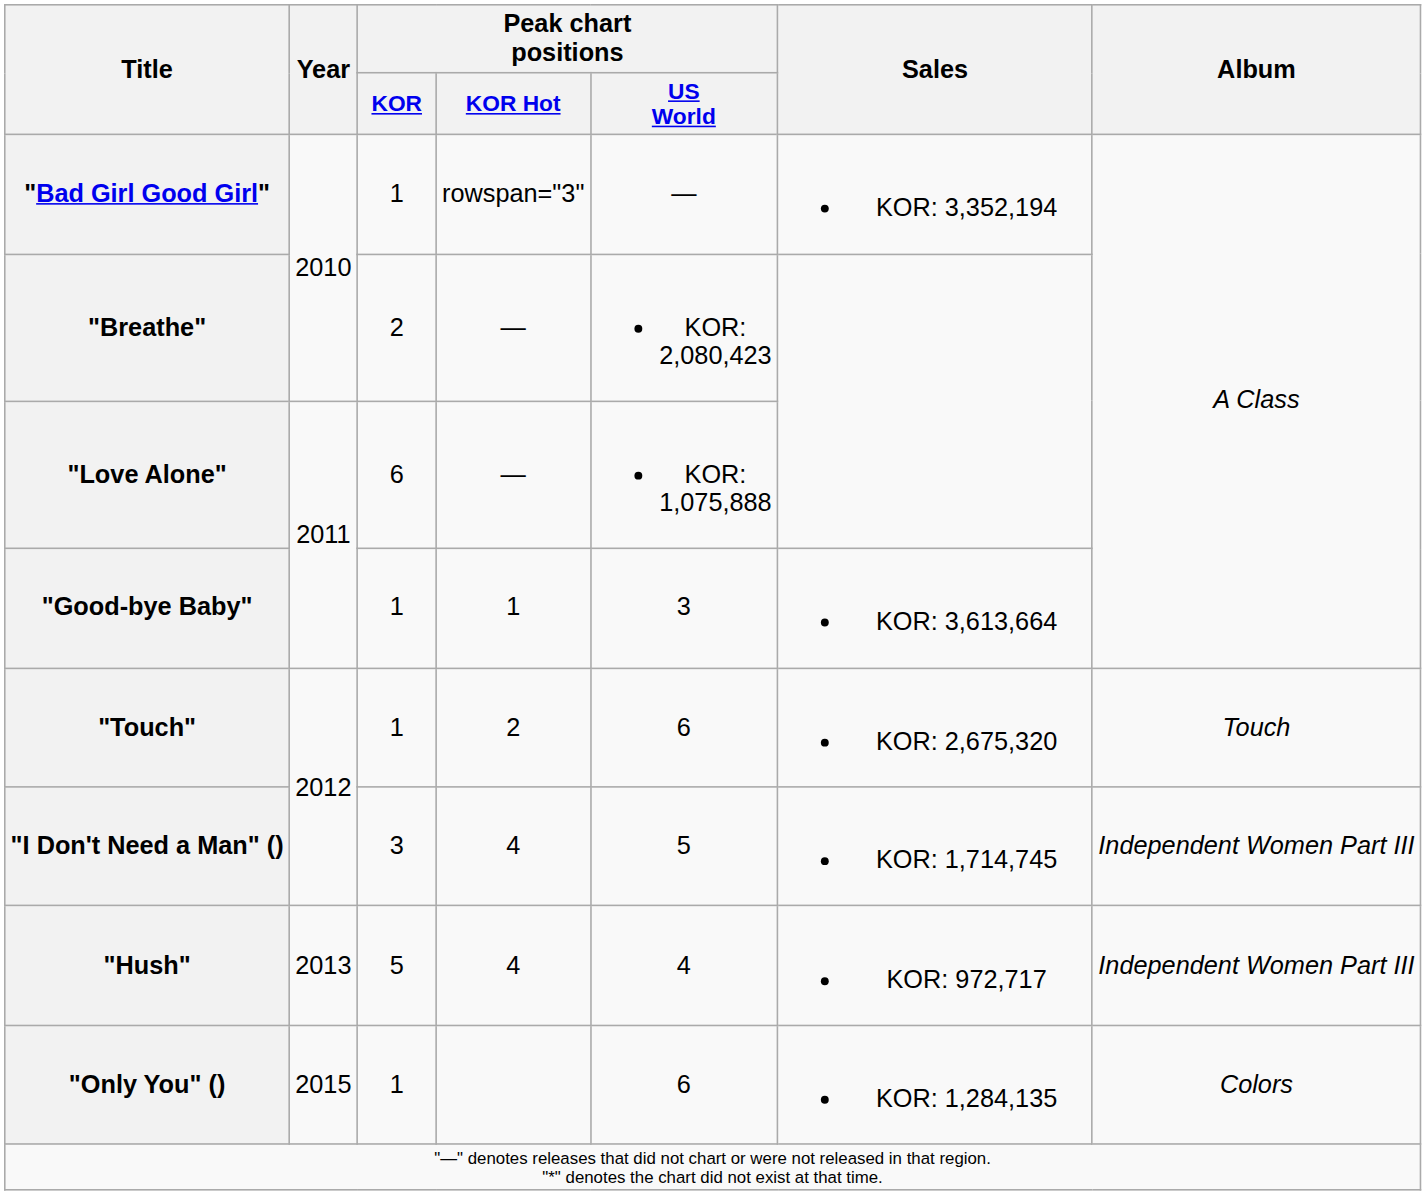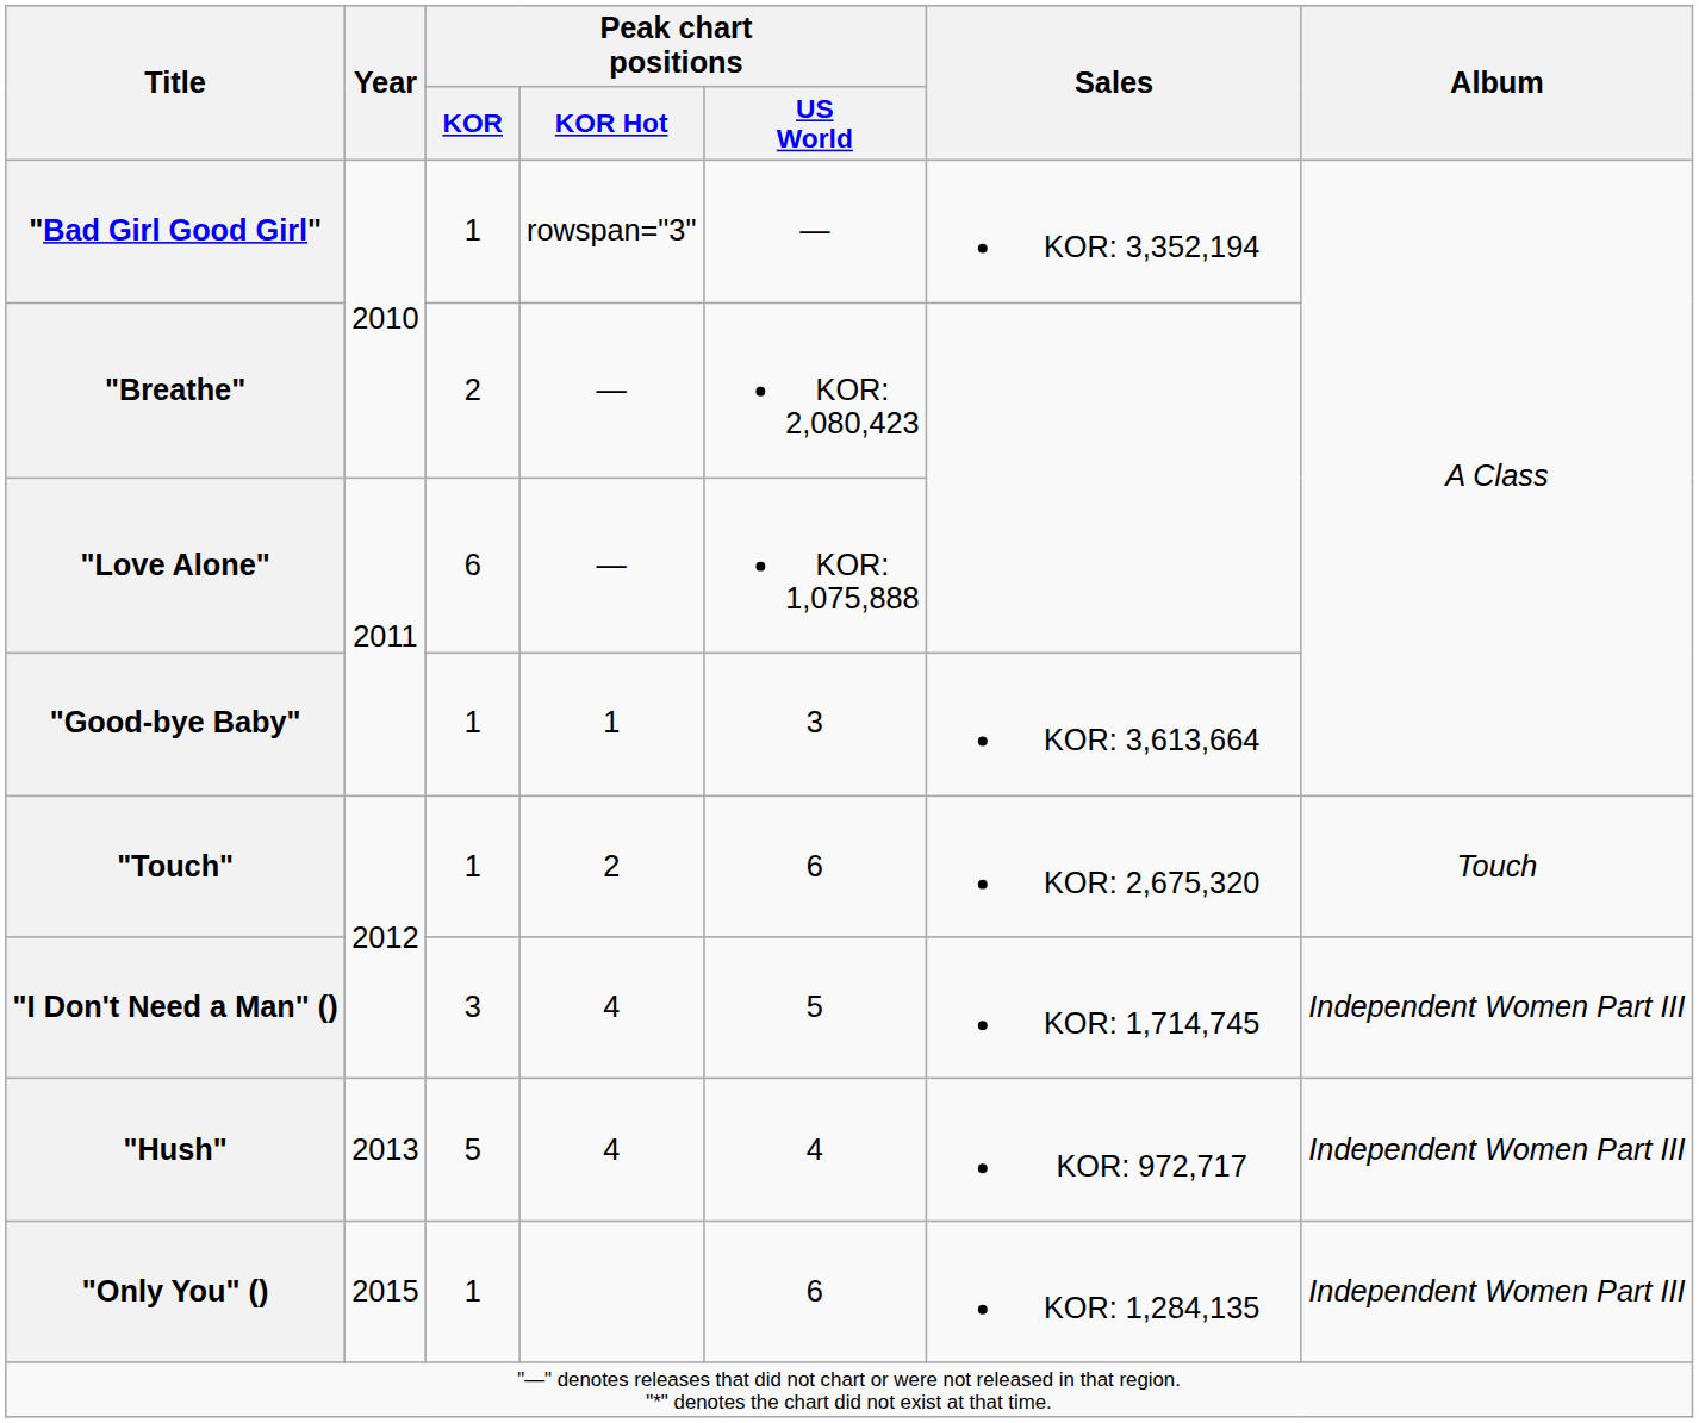 <table class="wikitable plainrowheaders" style="text-align:center;">
 <tr>
 <th scope="col" rowspan="2">Title</th>
 <th scope="col" rowspan="2">Year</th>
 <th scope="col" colspan="3">Peak chart<br>positions</th>
 <th scope="col" rowspan="2" style="width:12em;">Sales</th>
 <th scope="col" rowspan="2">Album</th>
 </tr>
 <tr>
 <th scope="col" style="width:3em;font-size:90%"><a href='#'>KOR</a><br></th>
 <th scope="col" style="width:3em;font-size:90%"><a href='#'>KOR Hot</a><br></th>
 <th scope="col" style="width:3em;font-size:90%"><a href='#'>US<br>World</a><br></th>
 </tr>
 <tr>
 <th scope="row">"<a href='#'>Bad Girl Good Girl</a>"</th>
 <td rowspan="2">2010</td>
 <td>1</td>
 <td>rowspan="3" </td>
 <td>—</td>
 <td><br><ul><li>KOR: 3,352,194</li></ul></td>
 <td rowspan="4"><em>A Class</em></td>
 </tr>
 <tr>
 <th scope="row">"Breathe"</th>
 <td>2</td>
 <td>—</td>
 <td><br><ul><li>KOR: 2,080,423</li></ul></td>
 </tr>
 <tr>
 <th scope="row">"Love Alone"</th>
 <td rowspan="2">2011</td>
 <td>6</td>
 <td>—</td>
 <td><br><ul><li>KOR: 1,075,888</li></ul></td>
 </tr>
 <tr>
 <th scope="row">"Good-bye Baby"</th>
 <td>1</td>
 <td>1</td>
 <td>3</td>
 <td><br><ul><li>KOR: 3,613,664</li></ul></td>
 </tr>
 <tr>
 <th scope="row">"Touch"</th>
 <td rowspan="2">2012</td>
 <td>1</td>
 <td>2</td>
 <td>6</td>
 <td><br><ul><li>KOR: 2,675,320</li></ul></td>
 <td><em>Touch</em></td>
 </tr>
 <tr>
 <th scope="row">"I Don't Need a Man" ()</th>
 <td>3</td>
 <td>4</td>
 <td>5</td>
 <td><br><ul><li>KOR: 1,714,745</li></ul></td>
 <td><em>Independent Women Part III</em></td>
 </tr>
 <tr>
 <th scope="row">"Hush"</th>
 <td>2013</td>
 <td>5</td>
 <td>4</td>
 <td>4</td>
 <td><br><ul><li>KOR: 972,717</li></ul></td>
 <td><em>Independent Women Part III</em></td>
 </tr>
 <tr>
 <th scope="row">"Only You" ()</th>
 <td>2015</td>
 <td>1</td>
 <td></td>
 <td>6</td>
 <td><br><ul><li>KOR: 1,284,135</li></ul></td>
-<td><em>Colors</em></td>
+<td><em>Independent Women Part III</em></td>
 </tr>
 <tr>
 <td colspan="7" style="font-size:8pt">"—" denotes releases that did not chart or were not released in that region.<br>"*" denotes the chart did not exist at that time.</td>
 </tr>
 </table>
